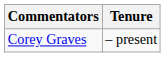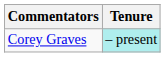 <table class="sortable wikitable" style="font-size:88%; text-align:left;">
 <tr>
 <th>Commentators</th>
 <th>Tenure</th>
 </tr>
 <tr>
 <td><a href='#'>Corey Graves</a></td>
-<td> – present</td>
+<td style="background: paleturquoise;"> – present</td>
 </tr>
 </table>
